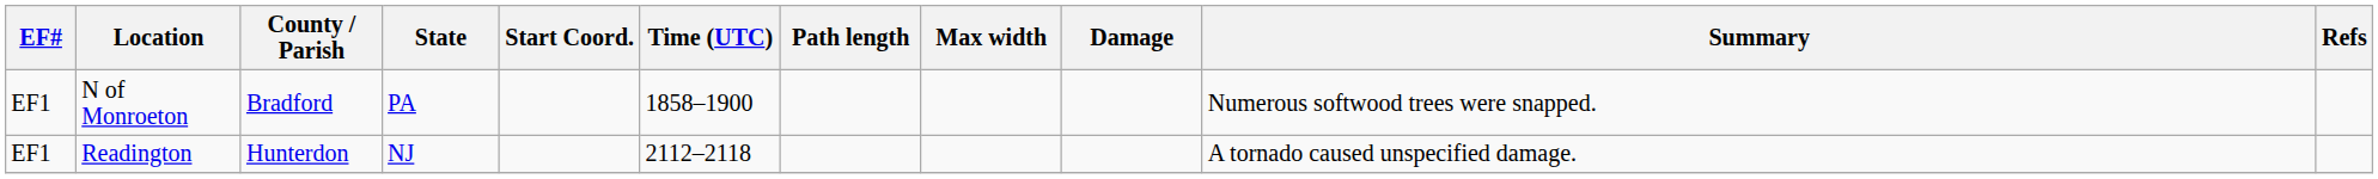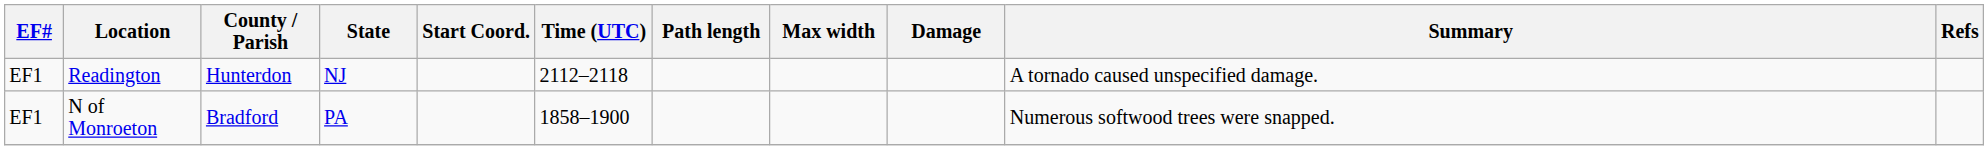 <table class="wikitable sortable" style="width:100%;">
 <tr>
 <th scope="col" width="3%" align="center"><a href='#'>EF#</a></th>
 <th scope="col" width="7%" align="center" class="unsortable">Location</th>
 <th scope="col" width="6%" align="center" class="unsortable">County / Parish</th>
 <th scope="col" width="5%" align="center">State</th>
 <th scope="col" width="6%" align="center">Start Coord.</th>
 <th scope="col" width="6%" align="center">Time (<a href='#'>UTC</a>)</th>
 <th scope="col" width="6%" align="center">Path length</th>
 <th scope="col" width="6%" align="center">Max width</th>
 <th scope="col" width="6%" align="center">Damage</th>
 <th scope="col" width="48%" class="unsortable" align="center">Summary</th>
 <th scope="col" width="48%" class="unsortable" align="center">Refs</th>
 </tr>
 <tr>
 <td>EF1</td>
+<td><a href='#'>Readington</a></td>
+<td><a href='#'>Hunterdon</a></td>
+<td><a href='#'>NJ</a></td>
+<td></td>
+<td>2112–2118</td>
+<td></td>
+<td></td>
+<td></td>
+<td>A tornado caused unspecified damage.</td>
+<td></td>
+</tr>
+<tr>
+<td>EF1</td>
 <td>N of <a href='#'>Monroeton</a></td>
 <td><a href='#'>Bradford</a></td>
 <td><a href='#'>PA</a></td>
 <td></td>
 <td>1858–1900</td>
 <td></td>
 <td></td>
 <td></td>
 <td>Numerous softwood trees were snapped.</td>
 <td></td>
 </tr>
 <tr>
-<td>EF1</td>
-<td><a href='#'>Readington</a></td>
-<td><a href='#'>Hunterdon</a></td>
-<td><a href='#'>NJ</a></td>
-<td></td>
-<td>2112–2118</td>
-<td></td>
-<td></td>
-<td></td>
-<td>A tornado caused unspecified damage.</td>
-<td></td>
-</tr>
-<tr>
 </tr>
 </table>
